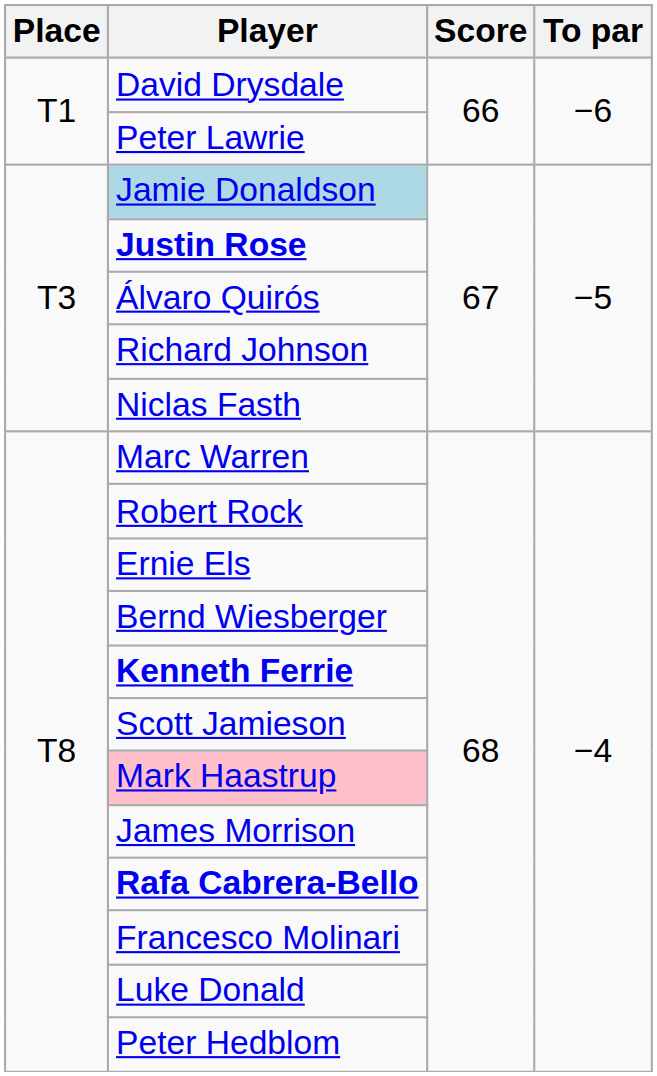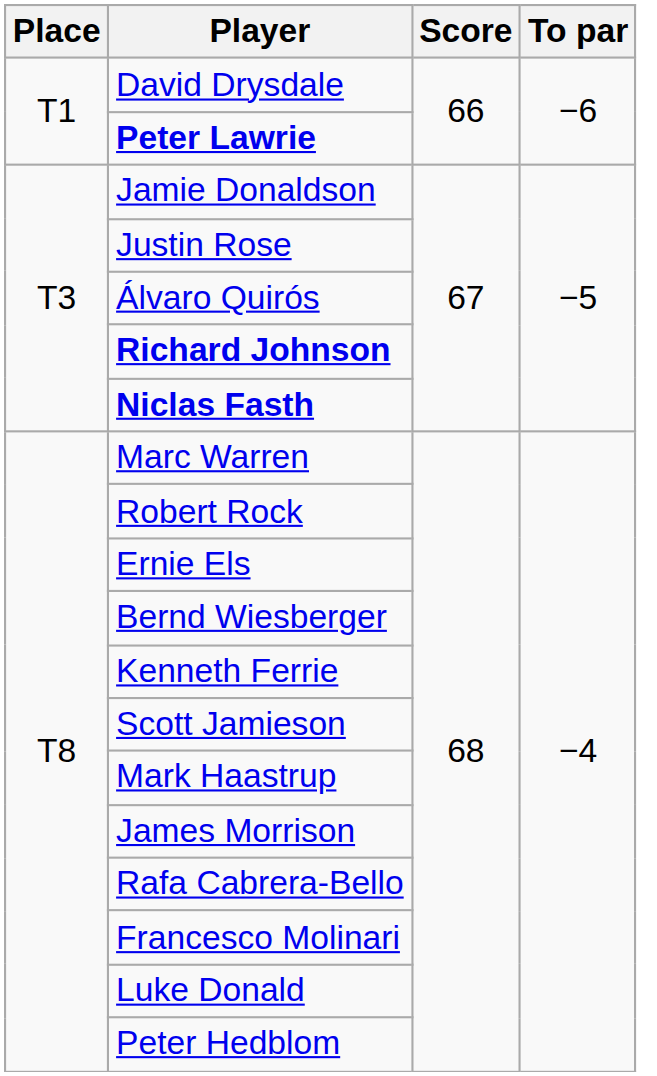 <table class="wikitable">
 <tr>
 <th>Place</th>
 <th>Player</th>
 <th>Score</th>
 <th>To par</th>
 </tr>
 <tr>
 <td rowspan="2" align=center>T1</td>
 <td> <a href='#'>David Drysdale</a></td>
 <td rowspan="2" align=center>66</td>
 <td rowspan="2" align=center>−6</td>
 </tr>
 <tr>
-<td> <a href='#'>Peter Lawrie</a></td>
+<td><strong> <a href='#'>Peter Lawrie</a></strong></td>
 </tr>
 <tr>
 <td rowspan="5" align=center>T3</td>
-<td style="background: lightblue;"> <a href='#'>Jamie Donaldson</a></td>
+<td> <a href='#'>Jamie Donaldson</a></td>
 <td rowspan="5" align=center>67</td>
 <td rowspan="5" align=center>−5</td>
 </tr>
 <tr>
-<td><strong> <a href='#'>Justin Rose</a></strong></td>
+<td> <a href='#'>Justin Rose</a></td>
 </tr>
 <tr>
 <td> <a href='#'>Álvaro Quirós</a></td>
 </tr>
 <tr>
-<td> <a href='#'>Richard Johnson</a></td>
+<td><strong> <a href='#'>Richard Johnson</a></strong></td>
 </tr>
 <tr>
-<td> <a href='#'>Niclas Fasth</a></td>
+<td><strong> <a href='#'>Niclas Fasth</a></strong></td>
 </tr>
 <tr>
 <td rowspan="12" align=center>T8</td>
 <td> <a href='#'>Marc Warren</a></td>
 <td rowspan="12" align=center>68</td>
 <td rowspan="12" align=center>−4</td>
 </tr>
 <tr>
 <td> <a href='#'>Robert Rock</a></td>
 </tr>
 <tr>
 <td> <a href='#'>Ernie Els</a></td>
 </tr>
 <tr>
 <td> <a href='#'>Bernd Wiesberger</a></td>
 </tr>
 <tr>
-<td><strong> <a href='#'>Kenneth Ferrie</a></strong></td>
+<td> <a href='#'>Kenneth Ferrie</a></td>
 </tr>
 <tr>
 <td> <a href='#'>Scott Jamieson</a></td>
 </tr>
 <tr>
-<td style="background: pink;"> <a href='#'>Mark Haastrup</a></td>
+<td> <a href='#'>Mark Haastrup</a></td>
 </tr>
 <tr>
 <td> <a href='#'>James Morrison</a></td>
 </tr>
 <tr>
-<td><strong> <a href='#'>Rafa Cabrera-Bello</a></strong></td>
+<td> <a href='#'>Rafa Cabrera-Bello</a></td>
 </tr>
 <tr>
 <td> <a href='#'>Francesco Molinari</a></td>
 </tr>
 <tr>
 <td> <a href='#'>Luke Donald</a></td>
 </tr>
 <tr>
 <td> <a href='#'>Peter Hedblom</a></td>
 </tr>
 </table>
